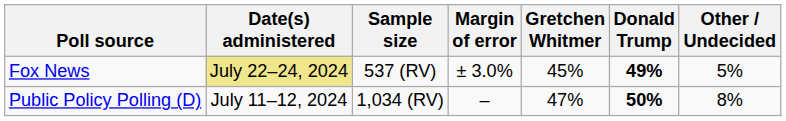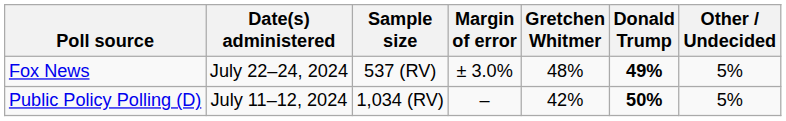 <table class="wikitable sortable mw-datatable" style="font-size:90%;text-align:center;line-height:17px">
 <tr valign=bottom>
 <th>Poll source</th>
 <th>Date(s)<br>administered</th>
 <th>Sample<br>size</th>
 <th>Margin<br>of error</th>
 <th class="unsortable">Gretchen<br>Whitmer<br></th>
 <th class="unsortable">Donald<br>Trump<br></th>
 <th class="unsortable">Other /<br>Undecided</th>
 </tr>
 <tr>
 <td style="text-align:left;"><a href='#'>Fox News</a></td>
-<td data-sort-value="2024-07-26" style="background: khaki;">July 22–24, 2024</td>
+<td data-sort-value="2024-07-26">July 22–24, 2024</td>
 <td>537 (RV)</td>
 <td>± 3.0%</td>
-<td>45%</td>
+<td>48%</td>
 <td style="background-color:"><strong>49%</strong></td>
 <td>5%</td>
 </tr>
 <tr>
 <td style="text-align:left;"><a href='#'>Public Policy Polling (D)</a></td>
 <td data-sort-value="2024-07-22">July 11–12, 2024</td>
 <td>1,034 (RV)</td>
 <td>–</td>
-<td>47%</td>
+<td>42%</td>
 <td style="background-color:"><strong>50%</strong></td>
-<td>8%</td>
+<td>5%</td>
 </tr>
 </table>
